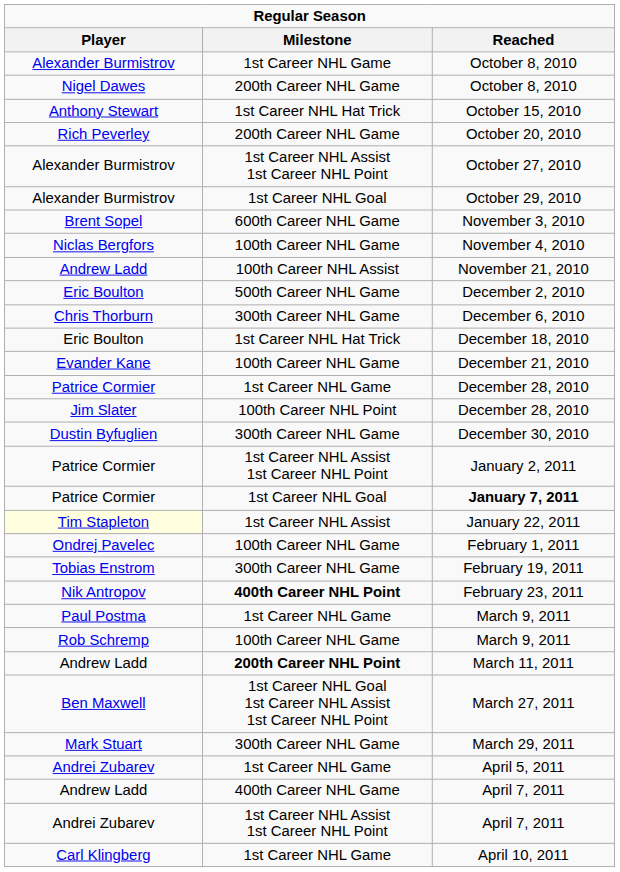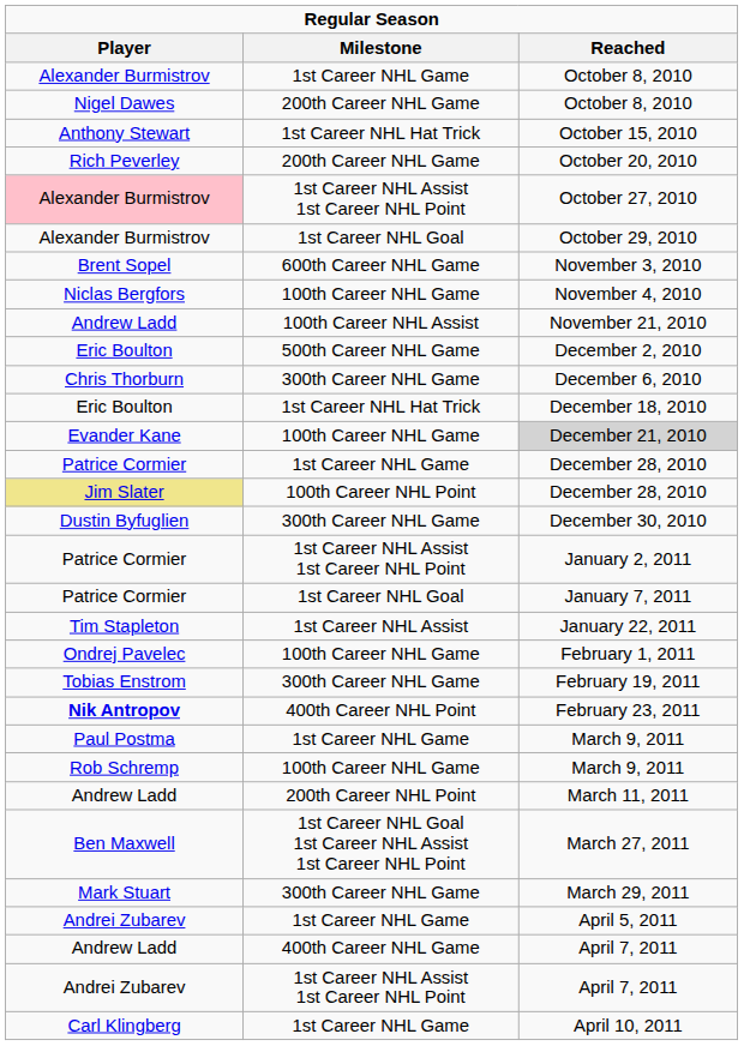 <table class="wikitable" width="52%" style="text-align:center">
 <tr>
 <td colspan="10" align="center"><strong>Regular Season</strong></td>
 </tr>
 <tr>
 <th>Player</th>
 <th>Milestone</th>
 <th>Reached</th>
 </tr>
 <tr>
 <td><a href='#'>Alexander Burmistrov</a></td>
 <td>1st Career NHL Game</td>
 <td>October 8, 2010</td>
 </tr>
 <tr>
 <td><a href='#'>Nigel Dawes</a></td>
 <td>200th Career NHL Game</td>
 <td>October 8, 2010</td>
 </tr>
 <tr>
 <td><a href='#'>Anthony Stewart</a></td>
 <td>1st Career NHL Hat Trick</td>
 <td>October 15, 2010</td>
 </tr>
 <tr>
 <td><a href='#'>Rich Peverley</a></td>
 <td>200th Career NHL Game</td>
 <td>October 20, 2010</td>
 </tr>
 <tr>
-<td>Alexander Burmistrov</td>
+<td style="background: pink;">Alexander Burmistrov</td>
 <td>1st Career NHL Assist<br>1st Career NHL Point</td>
 <td>October 27, 2010</td>
 </tr>
 <tr>
 <td>Alexander Burmistrov</td>
 <td>1st Career NHL Goal</td>
 <td>October 29, 2010</td>
 </tr>
 <tr>
 <td><a href='#'>Brent Sopel</a></td>
 <td>600th Career NHL Game</td>
 <td>November 3, 2010</td>
 </tr>
 <tr>
 <td><a href='#'>Niclas Bergfors</a></td>
 <td>100th Career NHL Game</td>
 <td>November 4, 2010</td>
 </tr>
 <tr>
 <td><a href='#'>Andrew Ladd</a></td>
 <td>100th Career NHL Assist</td>
 <td>November 21, 2010</td>
 </tr>
 <tr>
 <td><a href='#'>Eric Boulton</a></td>
 <td>500th Career NHL Game</td>
 <td>December 2, 2010</td>
 </tr>
 <tr>
 <td><a href='#'>Chris Thorburn</a></td>
 <td>300th Career NHL Game</td>
 <td>December 6, 2010</td>
 </tr>
 <tr>
 <td>Eric Boulton</td>
 <td>1st Career NHL Hat Trick</td>
 <td>December 18, 2010</td>
 </tr>
 <tr>
 <td><a href='#'>Evander Kane</a></td>
 <td>100th Career NHL Game</td>
-<td>December 21, 2010</td>
+<td style="background: lightgrey;">December 21, 2010</td>
 </tr>
 <tr>
 <td><a href='#'>Patrice Cormier</a></td>
 <td>1st Career NHL Game</td>
 <td>December 28, 2010</td>
 </tr>
 <tr>
-<td><a href='#'>Jim Slater</a></td>
+<td style="background: khaki;"><a href='#'>Jim Slater</a></td>
 <td>100th Career NHL Point</td>
 <td>December 28, 2010</td>
 </tr>
 <tr>
 <td><a href='#'>Dustin Byfuglien</a></td>
 <td>300th Career NHL Game</td>
 <td>December 30, 2010</td>
 </tr>
 <tr>
 <td>Patrice Cormier</td>
 <td>1st Career NHL Assist<br>1st Career NHL Point</td>
 <td>January 2, 2011</td>
 </tr>
 <tr>
 <td>Patrice Cormier</td>
 <td>1st Career NHL Goal</td>
-<td><strong>January 7, 2011</strong></td>
+<td>January 7, 2011</td>
 </tr>
 <tr>
-<td style="background: lightyellow;"><a href='#'>Tim Stapleton</a></td>
+<td><a href='#'>Tim Stapleton</a></td>
 <td>1st Career NHL Assist</td>
 <td>January 22, 2011</td>
 </tr>
 <tr>
 <td><a href='#'>Ondrej Pavelec</a></td>
 <td>100th Career NHL Game</td>
 <td>February 1, 2011</td>
 </tr>
 <tr>
 <td><a href='#'>Tobias Enstrom</a></td>
 <td>300th Career NHL Game</td>
 <td>February 19, 2011</td>
 </tr>
 <tr>
-<td><a href='#'>Nik Antropov</a></td>
-<td><strong>400th Career NHL Point</strong></td>
+<td><strong><a href='#'>Nik Antropov</a></strong></td>
+<td>400th Career NHL Point</td>
 <td>February 23, 2011</td>
 </tr>
 <tr>
 <td><a href='#'>Paul Postma</a></td>
 <td>1st Career NHL Game</td>
 <td>March 9, 2011</td>
 </tr>
 <tr>
 <td><a href='#'>Rob Schremp</a></td>
 <td>100th Career NHL Game</td>
 <td>March 9, 2011</td>
 </tr>
 <tr>
 <td>Andrew Ladd</td>
-<td><strong>200th Career NHL Point</strong></td>
+<td>200th Career NHL Point</td>
 <td>March 11, 2011</td>
 </tr>
 <tr>
 <td><a href='#'>Ben Maxwell</a></td>
 <td>1st Career NHL Goal<br>1st Career NHL Assist<br>1st Career NHL Point</td>
 <td>March 27, 2011</td>
 </tr>
 <tr>
 <td><a href='#'>Mark Stuart</a></td>
 <td>300th Career NHL Game</td>
 <td>March 29, 2011</td>
 </tr>
 <tr>
 <td><a href='#'>Andrei Zubarev</a></td>
 <td>1st Career NHL Game</td>
 <td>April 5, 2011</td>
 </tr>
 <tr>
 <td>Andrew Ladd</td>
 <td>400th Career NHL Game</td>
 <td>April 7, 2011</td>
 </tr>
 <tr>
 <td>Andrei Zubarev</td>
 <td>1st Career NHL Assist<br>1st Career NHL Point</td>
 <td>April 7, 2011</td>
 </tr>
 <tr>
 <td><a href='#'>Carl Klingberg</a></td>
 <td>1st Career NHL Game</td>
 <td>April 10, 2011</td>
 </tr>
 </table>
